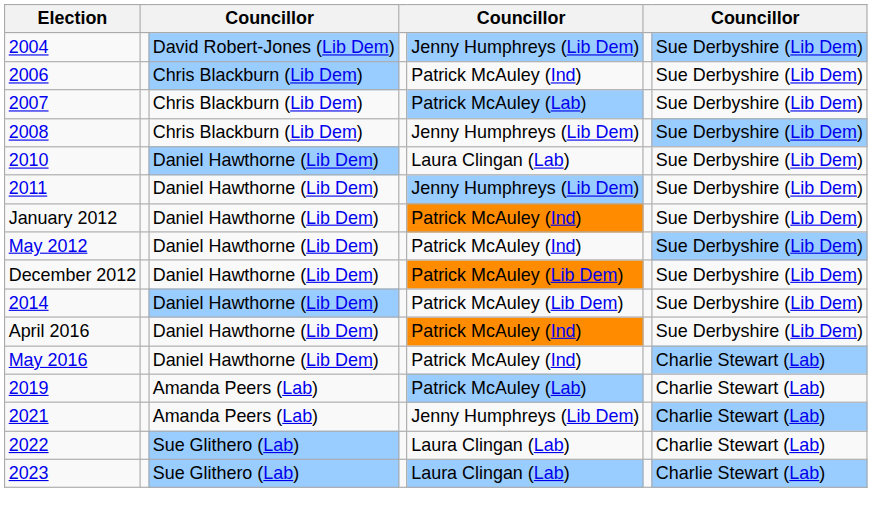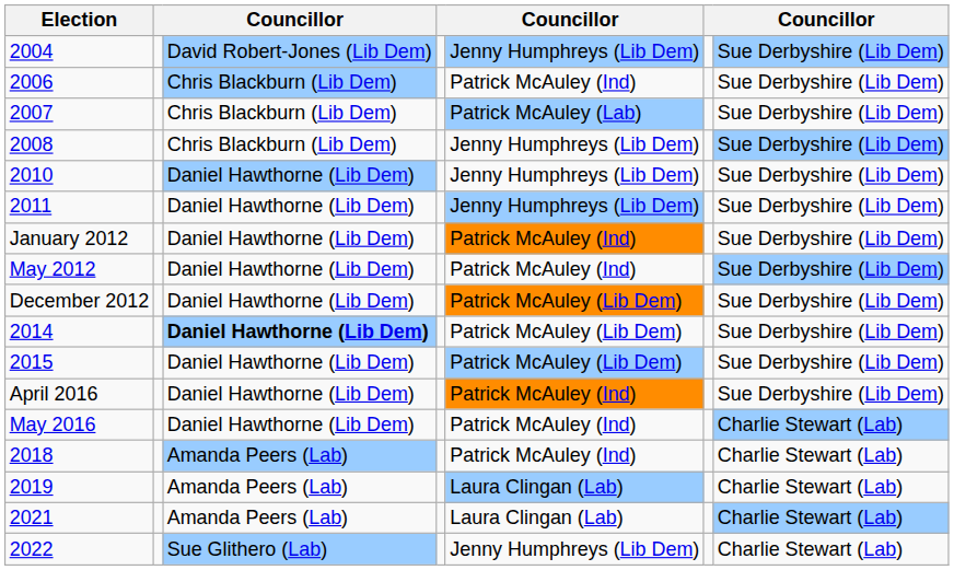 <table class="wikitable">
 <tr>
 <th>Election</th>
 <th colspan="2">Councillor</th>
 <th colspan="2">Councillor</th>
 <th colspan="2">Councillor</th>
 </tr>
 <tr>
 <td><a href='#'>2004</a></td>
 <td style="background-color: "></td>
 <td bgcolor="#99CCFF">David Robert-Jones (<a href='#'>Lib Dem</a>)</td>
 <td style="background-color: "></td>
 <td bgcolor="#99CCFF">Jenny Humphreys (<a href='#'>Lib Dem</a>)</td>
 <td style="background-color: "></td>
 <td bgcolor="#99CCFF">Sue Derbyshire (<a href='#'>Lib Dem</a>)</td>
 </tr>
 <tr>
 <td><a href='#'>2006</a></td>
 <td style="background-color: "></td>
 <td bgcolor="#99CCFF">Chris Blackburn (<a href='#'>Lib Dem</a>)</td>
 <td style="background-color: "></td>
 <td>Patrick McAuley (<a href='#'>Ind</a>)</td>
 <td style="background-color: "></td>
 <td>Sue Derbyshire (<a href='#'>Lib Dem</a>)</td>
 </tr>
 <tr>
 <td><a href='#'>2007</a></td>
 <td style="background-color: "></td>
 <td>Chris Blackburn (<a href='#'>Lib Dem</a>)</td>
 <td style="background-color: "></td>
 <td bgcolor="#99CCFF">Patrick McAuley (<a href='#'>Lab</a>)</td>
 <td style="background-color: "></td>
 <td>Sue Derbyshire (<a href='#'>Lib Dem</a>)</td>
 </tr>
 <tr>
 <td><a href='#'>2008</a></td>
 <td style="background-color: "></td>
 <td>Chris Blackburn (<a href='#'>Lib Dem</a>)</td>
 <td style="background-color: "></td>
 <td>Jenny Humphreys (<a href='#'>Lib Dem</a>)</td>
 <td style="background-color: "></td>
 <td bgcolor="#99CCFF">Sue Derbyshire (<a href='#'>Lib Dem</a>)</td>
 </tr>
 <tr>
 <td><a href='#'>2010</a></td>
 <td style="background-color: "></td>
 <td bgcolor="#99CCFF">Daniel Hawthorne (<a href='#'>Lib Dem</a>)</td>
 <td style="background-color: "></td>
-<td>Laura Clingan (<a href='#'>Lab</a>)</td>
+<td>Jenny Humphreys (<a href='#'>Lib Dem</a>)</td>
 <td style="background-color: "></td>
 <td>Sue Derbyshire (<a href='#'>Lib Dem</a>)</td>
 </tr>
 <tr>
 <td><a href='#'>2011</a></td>
 <td style="background-color: "></td>
 <td>Daniel Hawthorne (<a href='#'>Lib Dem</a>)</td>
 <td style="background-color: "></td>
 <td bgcolor="#99CCFF">Jenny Humphreys (<a href='#'>Lib Dem</a>)</td>
 <td style="background-color: "></td>
 <td>Sue Derbyshire (<a href='#'>Lib Dem</a>)</td>
 </tr>
 <tr>
 <td>January 2012</td>
 <td style="background-color: "></td>
 <td>Daniel Hawthorne (<a href='#'>Lib Dem</a>)</td>
 <td style="background-color: "></td>
 <td bgcolor="#FF8C00">Patrick McAuley (<a href='#'>Ind</a>)</td>
 <td style="background-color: "></td>
 <td>Sue Derbyshire (<a href='#'>Lib Dem</a>)</td>
 </tr>
 <tr>
 <td><a href='#'>May 2012</a></td>
 <td style="background-color: "></td>
 <td>Daniel Hawthorne (<a href='#'>Lib Dem</a>)</td>
 <td style="background-color: "></td>
 <td>Patrick McAuley (<a href='#'>Ind</a>)</td>
 <td style="background-color: "></td>
 <td bgcolor="#99CCFF">Sue Derbyshire (<a href='#'>Lib Dem</a>)</td>
 </tr>
 <tr>
 <td>December 2012</td>
 <td style="background-color: "></td>
 <td>Daniel Hawthorne (<a href='#'>Lib Dem</a>)</td>
 <td style="background-color: "></td>
 <td bgcolor="#FF8C00">Patrick McAuley (<a href='#'>Lib Dem</a>)</td>
 <td style="background-color: "></td>
 <td>Sue Derbyshire (<a href='#'>Lib Dem</a>)</td>
 </tr>
 <tr>
 <td><a href='#'>2014</a></td>
 <td style="background-color: "></td>
-<td bgcolor="#99CCFF">Daniel Hawthorne (<a href='#'>Lib Dem</a>)</td>
+<td bgcolor="#99CCFF"><strong>Daniel Hawthorne (<a href='#'>Lib Dem</a>)</strong></td>
 <td style="background-color: "></td>
 <td>Patrick McAuley (<a href='#'>Lib Dem</a>)</td>
+<td style="background-color: "></td>
+<td>Sue Derbyshire (<a href='#'>Lib Dem</a>)</td>
+</tr>
+<tr>
+<td><a href='#'>2015</a></td>
+<td style="background-color: "></td>
+<td>Daniel Hawthorne (<a href='#'>Lib Dem</a>)</td>
+<td style="background-color: "></td>
+<td bgcolor="#99CCFF">Patrick McAuley (<a href='#'>Lib Dem</a>)</td>
 <td style="background-color: "></td>
 <td>Sue Derbyshire (<a href='#'>Lib Dem</a>)</td>
 </tr>
 <tr>
 <td>April 2016</td>
 <td style="background-color: "></td>
 <td>Daniel Hawthorne (<a href='#'>Lib Dem</a>)</td>
 <td style="background-color: "></td>
 <td bgcolor="#FF8C00">Patrick McAuley (<a href='#'>Ind</a>)</td>
 <td style="background-color: "></td>
 <td>Sue Derbyshire (<a href='#'>Lib Dem</a>)</td>
 </tr>
 <tr>
 <td><a href='#'>May 2016</a></td>
 <td style="background-color: "></td>
 <td>Daniel Hawthorne (<a href='#'>Lib Dem</a>)</td>
 <td style="background-color: "></td>
 <td>Patrick McAuley (<a href='#'>Ind</a>)</td>
 <td style="background-color: "></td>
 <td bgcolor="#99CCFF">Charlie Stewart (<a href='#'>Lab</a>)</td>
 </tr>
 <tr>
+<td><a href='#'>2018</a></td>
+<td style="background-color: "></td>
+<td bgcolor="#99CCFF">Amanda Peers (<a href='#'>Lab</a>)</td>
+<td style="background-color: "></td>
+<td>Patrick McAuley (<a href='#'>Ind</a>)</td>
+<td style="background-color: "></td>
+<td>Charlie Stewart (<a href='#'>Lab</a>)</td>
+</tr>
+<tr>
 <td><a href='#'>2019</a></td>
 <td style="background-color: "></td>
 <td>Amanda Peers (<a href='#'>Lab</a>)</td>
 <td style="background-color: "></td>
-<td bgcolor="#99CCFF">Patrick McAuley (<a href='#'>Lab</a>)</td>
+<td bgcolor="#99CCFF">Laura Clingan (<a href='#'>Lab</a>)</td>
 <td style="background-color: "></td>
 <td>Charlie Stewart (<a href='#'>Lab</a>)</td>
 </tr>
 <tr>
 <td><a href='#'>2021</a></td>
 <td style="background-color: "></td>
 <td>Amanda Peers (<a href='#'>Lab</a>)</td>
 <td style="background-color: "></td>
-<td>Jenny Humphreys (<a href='#'>Lib Dem</a>)</td>
+<td>Laura Clingan (<a href='#'>Lab</a>)</td>
 <td style="background-color: "></td>
 <td bgcolor="#99CCFF">Charlie Stewart (<a href='#'>Lab</a>)</td>
 </tr>
 <tr>
 <td><a href='#'>2022</a></td>
 <td style="background-color: "></td>
 <td bgcolor="#99CCFF">Sue Glithero (<a href='#'>Lab</a>)</td>
 <td style="background-color: "></td>
-<td>Laura Clingan (<a href='#'>Lab</a>)</td>
+<td>Jenny Humphreys (<a href='#'>Lib Dem</a>)</td>
 <td style="background-color: "></td>
 <td>Charlie Stewart (<a href='#'>Lab</a>)</td>
 </tr>
-<tr>
-<td><a href='#'>2023</a></td>
-<td style="background-color: "></td>
-<td bgcolor="#99CCFF">Sue Glithero (<a href='#'>Lab</a>)</td>
-<td style="background-color: "></td>
-<td bgcolor="#99CCFF">Laura Clingan (<a href='#'>Lab</a>)</td>
-<td style="background-color: "></td>
-<td bgcolor="#99CCFF">Charlie Stewart (<a href='#'>Lab</a>)</td>
-</tr>
 </table>
